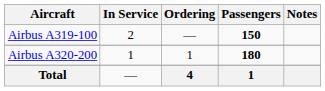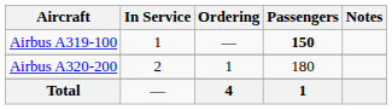 <table class="wikitable" style="border-collapse:collapse;text-align:center;margin:auto;">
 <tr>
 <th>Aircraft</th>
 <th>In Service</th>
 <th>Ordering</th>
 <th>Passengers</th>
 <th>Notes</th>
 </tr>
 <tr>
 <td><a href='#'>Airbus A319-100</a></td>
-<td>2</td>
+<td>1</td>
 <td>—</td>
 <td><strong>150</strong></td>
 <td></td>
 </tr>
 <tr>
 </tr>
 <tr>
 <td><a href='#'>Airbus A320-200</a></td>
+<td>2</td>
 <td>1</td>
-<td>1</td>
-<td><strong>180</strong></td>
+<td>180</td>
 <td></td>
 </tr>
 <tr>
 </tr>
 <tr>
 <th>Total</th>
 <td>—</td>
 <th>4</th>
 <th>1</th>
 <th colspan="2"></th>
 </tr>
 </table>
